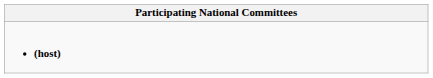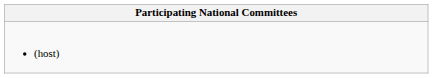 <table class="wikitable collapsible" style="width:100%;">
 <tr>
 <th>Participating National Committees</th>
 </tr>
 <tr>
-<td><strong><br><ul><li> (host)</li></ul></strong></td>
+<td><br><ul><li> (host)</li></ul></td>
 </tr>
 </table>
